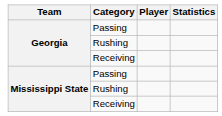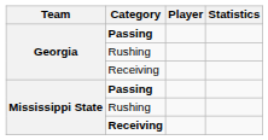 <table class="wikitable" style="float:right">
 <tr>
 <th>Team</th>
 <th>Category</th>
 <th>Player</th>
 <th>Statistics</th>
 </tr>
 <tr>
 <th rowspan=3>Georgia</th>
-<td>Passing</td>
+<td><strong>Passing</strong></td>
 <td></td>
 <td></td>
 </tr>
 <tr>
 <td>Rushing</td>
 <td></td>
 <td></td>
 </tr>
 <tr>
 <td>Receiving</td>
 <td></td>
 <td></td>
 </tr>
 <tr>
 <th rowspan=3>Mississippi State</th>
-<td>Passing</td>
+<td><strong>Passing</strong></td>
 <td></td>
 <td></td>
 </tr>
 <tr>
 <td>Rushing</td>
 <td></td>
 <td></td>
 </tr>
 <tr>
-<td>Receiving</td>
+<td><strong>Receiving</strong></td>
 <td></td>
 <td></td>
 </tr>
 </table>
